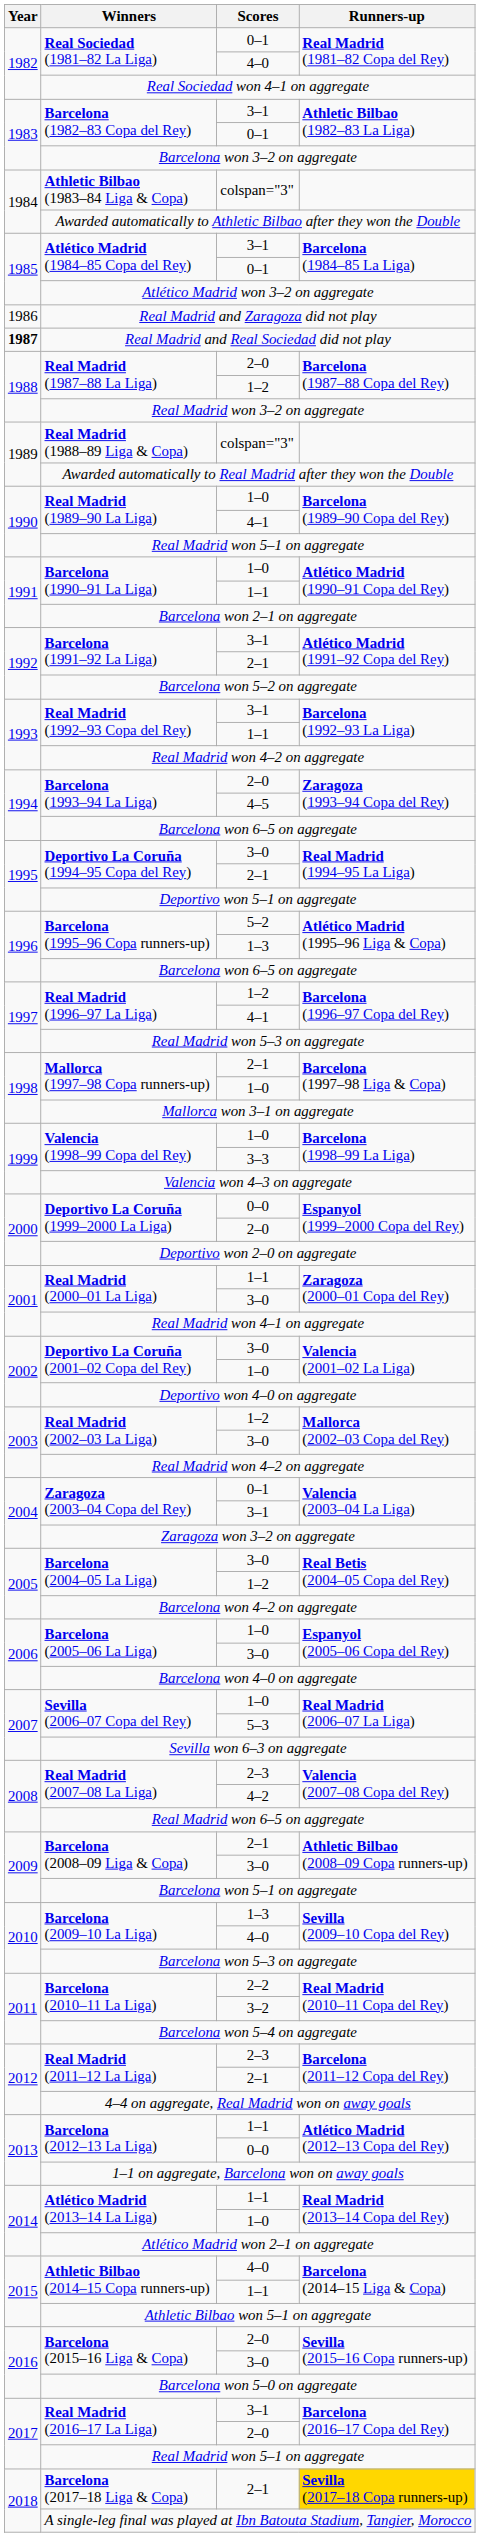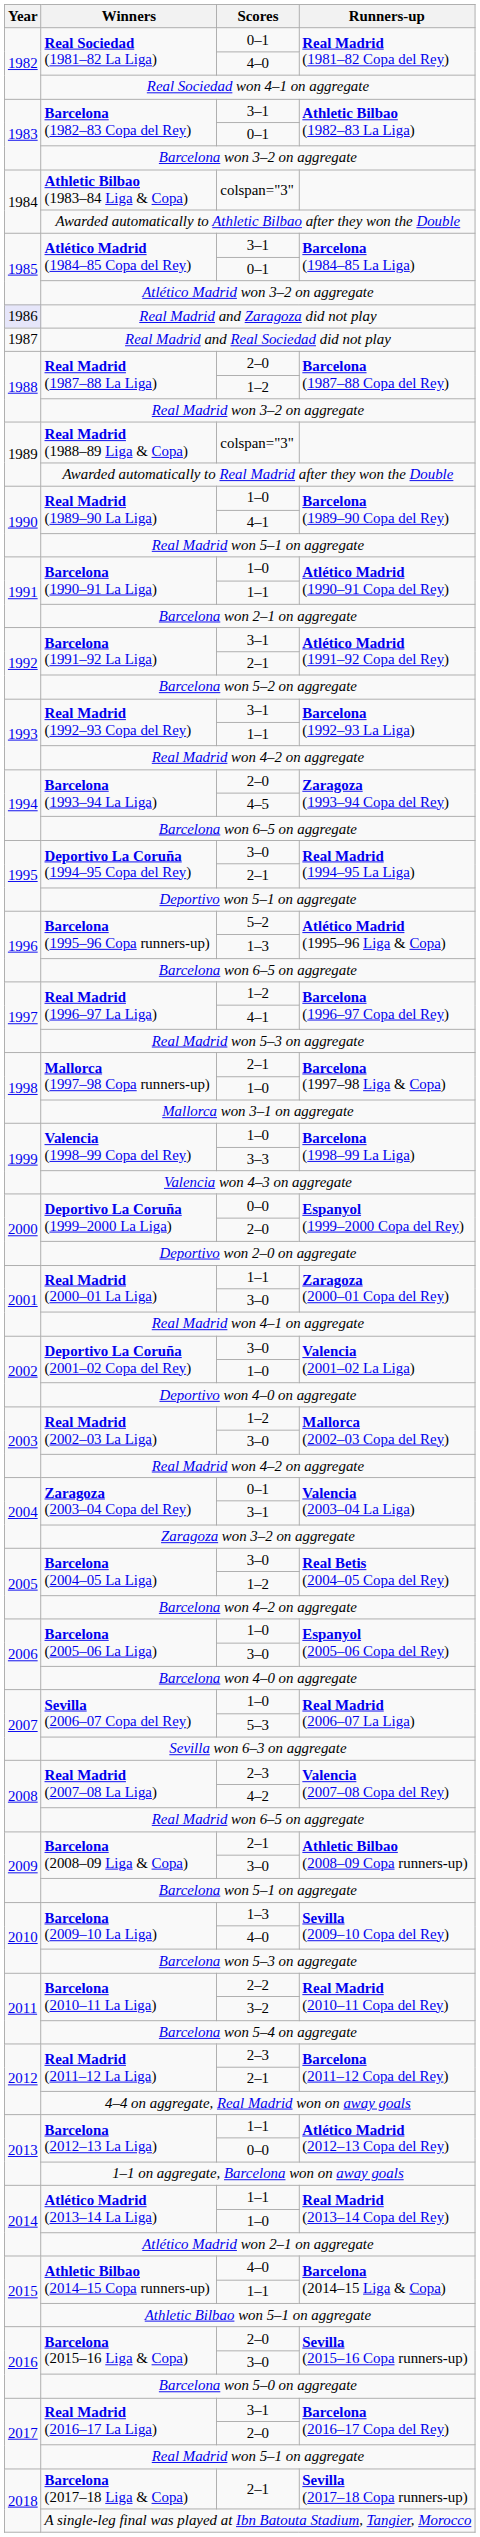 <table class="wikitable">
 <tr>
 <th>Year</th>
 <th>Winners</th>
 <th>Scores</th>
 <th>Runners-up</th>
 </tr>
 <tr>
 <td rowspan="3"><a href='#'>1982</a></td>
 <td rowspan="2"><strong><a href='#'>Real Sociedad</a></strong><br>(<a href='#'>1981–82 La Liga</a>)</td>
 <td align="center">0–1</td>
 <td rowspan="2"><strong><a href='#'>Real Madrid</a></strong><br>(<a href='#'>1981–82 Copa del Rey</a>)</td>
 </tr>
 <tr>
 <td align="center">4–0</td>
 </tr>
 <tr>
 <td colspan="3" align="center"><em><a href='#'>Real Sociedad</a></em> <em>won 4–1 on aggregate</em></td>
 </tr>
 <tr>
 <td rowspan="3"><a href='#'>1983</a></td>
 <td rowspan="2"><strong><a href='#'>Barcelona</a></strong><br>(<a href='#'>1982–83 Copa del Rey</a>)</td>
 <td align="center">3–1</td>
 <td rowspan="2"><strong><a href='#'>Athletic Bilbao</a></strong><br>(<a href='#'>1982–83 La Liga</a>)</td>
 </tr>
 <tr>
 <td align="center">0–1</td>
 </tr>
 <tr>
 <td colspan="3" align="center"><em><a href='#'>Barcelona</a> won 3–2 on aggregate</em></td>
 </tr>
 <tr>
 <td rowspan="2">1984</td>
 <td><strong><a href='#'>Athletic Bilbao</a></strong><br>(1983–84 <a href='#'>Liga</a> & <a href='#'>Copa</a>)</td>
 <td>colspan="3" </td>
 </tr>
 <tr>
 <td colspan="3" align="center"><em>Awarded automatically to <a href='#'>Athletic Bilbao</a> after they won the <a href='#'>Double</a></em></td>
 </tr>
 <tr>
 <td rowspan="3"><a href='#'>1985</a></td>
 <td rowspan="2"><strong><a href='#'>Atlético Madrid</a></strong><br>(<a href='#'>1984–85 Copa del Rey</a>)</td>
 <td align="center">3–1</td>
 <td rowspan="2"><strong><a href='#'>Barcelona</a></strong><br>(<a href='#'>1984–85 La Liga</a>)</td>
 </tr>
 <tr>
 <td align="center">0–1</td>
 </tr>
 <tr>
 <td colspan="3" align="center"><em><a href='#'>Atlético Madrid</a></em> <em>won 3–2 on aggregate</em></td>
 </tr>
 <tr>
-<td>1986</td>
+<td style="background: lavender;">1986</td>
 <td colspan="3" align="center"><em><a href='#'>Real Madrid</a> and <a href='#'>Zaragoza</a> did not play</em></td>
 </tr>
 <tr>
-<td><strong>1987</strong></td>
+<td>1987</td>
 <td colspan="3" align="center"><em><a href='#'>Real Madrid</a> and <a href='#'>Real Sociedad</a> did not play</em></td>
 </tr>
 <tr>
 <td rowspan="3"><a href='#'>1988</a></td>
 <td rowspan="2"><strong><a href='#'>Real Madrid</a></strong><br>(<a href='#'>1987–88 La Liga</a>)</td>
 <td align="center">2–0</td>
 <td rowspan="2"><strong><a href='#'>Barcelona</a></strong><br>(<a href='#'>1987–88 Copa del Rey</a>)</td>
 </tr>
 <tr>
 <td align="center">1–2</td>
 </tr>
 <tr>
 <td colspan="3" align="center"><em><a href='#'>Real Madrid</a> won 3–2 on aggregate</em></td>
 </tr>
 <tr>
 <td rowspan="2">1989</td>
 <td><strong><a href='#'>Real Madrid</a></strong><br>(1988–89 <a href='#'>Liga</a> & <a href='#'>Copa</a>)</td>
 <td>colspan="3" </td>
 </tr>
 <tr>
 <td colspan="3" align="center"><em>Awarded automatically to <a href='#'>Real Madrid</a> after they won the <a href='#'>Double</a></em></td>
 </tr>
 <tr>
 <td rowspan="3"><a href='#'>1990</a></td>
 <td rowspan="2"><strong><a href='#'>Real Madrid</a></strong><br>(<a href='#'>1989–90 La Liga</a>)</td>
 <td align="center">1–0</td>
 <td rowspan="2"><strong><a href='#'>Barcelona</a></strong><br>(<a href='#'>1989–90 Copa del Rey</a>)</td>
 </tr>
 <tr>
 <td align="center">4–1</td>
 </tr>
 <tr>
 <td colspan="3" align="center"><em><a href='#'>Real Madrid</a> won 5–1 on aggregate</em></td>
 </tr>
 <tr>
 <td rowspan="3"><a href='#'>1991</a></td>
 <td rowspan="2"><strong><a href='#'>Barcelona</a></strong><br>(<a href='#'>1990–91 La Liga</a>)</td>
 <td align="center">1–0</td>
 <td rowspan="2"><strong><a href='#'>Atlético Madrid</a></strong><br>(<a href='#'>1990–91 Copa del Rey</a>)</td>
 </tr>
 <tr>
 <td align="center">1–1</td>
 </tr>
 <tr>
 <td colspan="3" align="center"><em><a href='#'>Barcelona</a> won 2–1 on aggregate</em></td>
 </tr>
 <tr>
 <td rowspan="3"><a href='#'>1992</a></td>
 <td rowspan="2"><strong><a href='#'>Barcelona</a></strong><br>(<a href='#'>1991–92 La Liga</a>)</td>
 <td align="center">3–1</td>
 <td rowspan="2"><strong><a href='#'>Atlético Madrid</a></strong><br>(<a href='#'>1991–92 Copa del Rey</a>)</td>
 </tr>
 <tr>
 <td align="center">2–1</td>
 </tr>
 <tr>
 <td colspan="3" align="center"><em><a href='#'>Barcelona</a> won 5–2 on aggregate</em></td>
 </tr>
 <tr>
 <td rowspan="3"><a href='#'>1993</a></td>
 <td rowspan="2"><strong><a href='#'>Real Madrid</a></strong><br>(<a href='#'>1992–93 Copa del Rey</a>)</td>
 <td align="center">3–1</td>
 <td rowspan="2"><strong><a href='#'>Barcelona</a></strong><br>(<a href='#'>1992–93 La Liga</a>)</td>
 </tr>
 <tr>
 <td align="center">1–1</td>
 </tr>
 <tr>
 <td colspan="3" align="center"><em><a href='#'>Real Madrid</a> won 4–2 on aggregate</em></td>
 </tr>
 <tr>
 <td rowspan="3"><a href='#'>1994</a></td>
 <td rowspan="2"><strong><a href='#'>Barcelona</a></strong><br>(<a href='#'>1993–94 La Liga</a>)</td>
 <td align="center">2–0</td>
 <td rowspan="2"><strong><a href='#'>Zaragoza</a></strong><br>(<a href='#'>1993–94 Copa del Rey</a>)</td>
 </tr>
 <tr>
 <td align="center">4–5</td>
 </tr>
 <tr>
 <td colspan="3" align="center"><em><a href='#'>Barcelona</a> won 6–5 on aggregate</em></td>
 </tr>
 <tr>
 <td rowspan="3"><a href='#'>1995</a></td>
 <td rowspan="2"><strong><a href='#'>Deportivo La Coruña</a></strong><br>(<a href='#'>1994–95 Copa del Rey</a>)</td>
 <td align="center">3–0</td>
 <td rowspan="2"><strong><a href='#'>Real Madrid</a></strong><br>(<a href='#'>1994–95 La Liga</a>)</td>
 </tr>
 <tr>
 <td align="center">2–1</td>
 </tr>
 <tr>
 <td colspan="3" align="center"><em><a href='#'>Deportivo</a> won 5–1 on aggregate</em></td>
 </tr>
 <tr>
 <td rowspan="3"><a href='#'>1996</a></td>
 <td rowspan="2"><strong><a href='#'>Barcelona</a></strong><br>(<a href='#'>1995–96 Copa</a> runners-up)</td>
 <td align="center">5–2</td>
 <td rowspan="2"><strong><a href='#'>Atlético Madrid</a></strong><br>(1995–96 <a href='#'>Liga</a> & <a href='#'>Copa</a>)</td>
 </tr>
 <tr>
 <td align="center">1–3</td>
 </tr>
 <tr>
 <td colspan="3" align="center"><em><a href='#'>Barcelona</a> won 6–5 on aggregate</em></td>
 </tr>
 <tr>
 <td rowspan="3"><a href='#'>1997</a></td>
 <td rowspan="2"><strong><a href='#'>Real Madrid</a></strong><br>(<a href='#'>1996–97 La Liga</a>)</td>
 <td align="center">1–2</td>
 <td rowspan="2"><strong><a href='#'>Barcelona</a></strong><br>(<a href='#'>1996–97 Copa del Rey</a>)</td>
 </tr>
 <tr>
 <td align="center">4–1</td>
 </tr>
 <tr>
 <td colspan="3" align="center"><em><a href='#'>Real Madrid</a> won 5–3 on aggregate</em></td>
 </tr>
 <tr>
 <td rowspan="3"><a href='#'>1998</a></td>
 <td rowspan="2"><strong><a href='#'>Mallorca</a></strong><br>(<a href='#'>1997–98 Copa</a> runners-up)</td>
 <td align="center">2–1</td>
 <td rowspan="2"><strong><a href='#'>Barcelona</a></strong><br>(1997–98 <a href='#'>Liga</a> & <a href='#'>Copa</a>)</td>
 </tr>
 <tr>
 <td align="center">1–0</td>
 </tr>
 <tr>
 <td colspan="3" align="center"><em><a href='#'>Mallorca</a> won 3–1 on aggregate</em></td>
 </tr>
 <tr>
 <td rowspan="3"><a href='#'>1999</a></td>
 <td rowspan="2"><strong><a href='#'>Valencia</a></strong><br>(<a href='#'>1998–99 Copa del Rey</a>)</td>
 <td align="center">1–0</td>
 <td rowspan="2"><strong><a href='#'>Barcelona</a></strong><br>(<a href='#'>1998–99 La Liga</a>)</td>
 </tr>
 <tr>
 <td align="center">3–3</td>
 </tr>
 <tr>
 <td colspan="3" align="center"><em><a href='#'>Valencia</a> won 4–3 on aggregate</em></td>
 </tr>
 <tr>
 <td rowspan="3"><a href='#'>2000</a></td>
 <td rowspan="2"><strong><a href='#'>Deportivo La Coruña</a></strong><br>(<a href='#'>1999–2000 La Liga</a>)</td>
 <td align="center">0–0</td>
 <td rowspan="2"><strong><a href='#'>Espanyol</a></strong><br>(<a href='#'>1999–2000 Copa del Rey</a>)</td>
 </tr>
 <tr>
 <td align="center">2–0</td>
 </tr>
 <tr>
 <td colspan="3" align="center"><em><a href='#'>Deportivo</a> won 2–0 on aggregate</em></td>
 </tr>
 <tr>
 <td rowspan="3"><a href='#'>2001</a></td>
 <td rowspan="2"><strong><a href='#'>Real Madrid</a></strong><br>(<a href='#'>2000–01 La Liga</a>)</td>
 <td align="center">1–1</td>
 <td rowspan="2"><strong><a href='#'>Zaragoza</a></strong><br>(<a href='#'>2000–01 Copa del Rey</a>)</td>
 </tr>
 <tr>
 <td align="center">3–0</td>
 </tr>
 <tr>
 <td colspan="3" align="center"><em><a href='#'>Real Madrid</a> won 4–1 on aggregate</em></td>
 </tr>
 <tr>
 <td rowspan="3"><a href='#'>2002</a></td>
 <td rowspan="2"><strong><a href='#'>Deportivo La Coruña</a></strong><br>(<a href='#'>2001–02 Copa del Rey</a>)</td>
 <td align="center">3–0</td>
 <td rowspan="2"><strong><a href='#'>Valencia</a></strong><br>(<a href='#'>2001–02 La Liga</a>)</td>
 </tr>
 <tr>
 <td align="center">1–0</td>
 </tr>
 <tr>
 <td colspan="3" align="center"><em><a href='#'>Deportivo</a> won 4–0 on aggregate</em></td>
 </tr>
 <tr>
 <td rowspan="3"><a href='#'>2003</a></td>
 <td rowspan="2"><strong><a href='#'>Real Madrid</a></strong><br>(<a href='#'>2002–03 La Liga</a>)</td>
 <td align="center">1–2</td>
 <td rowspan="2"><strong><a href='#'>Mallorca</a></strong><br>(<a href='#'>2002–03 Copa del Rey</a>)</td>
 </tr>
 <tr>
 <td align="center">3–0</td>
 </tr>
 <tr>
 <td colspan="3" align="center"><em><a href='#'>Real Madrid</a> won 4–2 on aggregate</em></td>
 </tr>
 <tr>
 <td rowspan="3"><a href='#'>2004</a></td>
 <td rowspan="2"><strong><a href='#'>Zaragoza</a></strong><br>(<a href='#'>2003–04 Copa del Rey</a>)</td>
 <td align="center">0–1</td>
 <td rowspan="2"><strong><a href='#'>Valencia</a></strong><br>(<a href='#'>2003–04 La Liga</a>)</td>
 </tr>
 <tr>
 <td align="center">3–1</td>
 </tr>
 <tr>
 <td colspan="3" align="center"><em><a href='#'>Zaragoza</a> won 3–2 on aggregate</em></td>
 </tr>
 <tr>
 <td rowspan="3"><a href='#'>2005</a></td>
 <td rowspan="2"><strong><a href='#'>Barcelona</a></strong><br>(<a href='#'>2004–05 La Liga</a>)</td>
 <td align="center">3–0</td>
 <td rowspan="2"><strong><a href='#'>Real Betis</a></strong><br>(<a href='#'>2004–05 Copa del Rey</a>)</td>
 </tr>
 <tr>
 <td align="center">1–2</td>
 </tr>
 <tr>
 <td colspan="3" align="center"><em><a href='#'>Barcelona</a> won 4–2 on aggregate</em></td>
 </tr>
 <tr>
 <td rowspan="3"><a href='#'>2006</a></td>
 <td rowspan="2"><strong><a href='#'>Barcelona</a></strong><br>(<a href='#'>2005–06 La Liga</a>)</td>
 <td align="center">1–0</td>
 <td rowspan="2"><strong><a href='#'>Espanyol</a></strong><br>(<a href='#'>2005–06 Copa del Rey</a>)</td>
 </tr>
 <tr>
 <td align="center">3–0</td>
 </tr>
 <tr>
 <td colspan="3" align="center"><em><a href='#'>Barcelona</a> won 4–0 on aggregate</em></td>
 </tr>
 <tr>
 <td rowspan="3"><a href='#'>2007</a></td>
 <td rowspan="2"><strong><a href='#'>Sevilla</a></strong><br>(<a href='#'>2006–07 Copa del Rey</a>)</td>
 <td align="center">1–0</td>
 <td rowspan="2"><strong><a href='#'>Real Madrid</a></strong><br>(<a href='#'>2006–07 La Liga</a>)</td>
 </tr>
 <tr>
 <td align="center">5–3</td>
 </tr>
 <tr>
 <td colspan="3" align="center"><em><a href='#'>Sevilla</a> won 6–3 on aggregate</em></td>
 </tr>
 <tr>
 <td rowspan="3"><a href='#'>2008</a></td>
 <td rowspan="2"><strong><a href='#'>Real Madrid</a></strong><br>(<a href='#'>2007–08 La Liga</a>)</td>
 <td align="center">2–3</td>
 <td rowspan="2"><strong><a href='#'>Valencia</a></strong><br>(<a href='#'>2007–08 Copa del Rey</a>)</td>
 </tr>
 <tr>
 <td align="center">4–2</td>
 </tr>
 <tr>
 <td colspan="3" align="center"><em><a href='#'>Real Madrid</a> won 6–5 on aggregate</em></td>
 </tr>
 <tr>
 <td rowspan="3"><a href='#'>2009</a></td>
 <td rowspan="2"><strong><a href='#'>Barcelona</a></strong><br>(2008–09 <a href='#'>Liga</a> & <a href='#'>Copa</a>)</td>
 <td align="center">2–1</td>
 <td rowspan="2"><strong><a href='#'>Athletic Bilbao</a></strong><br>(<a href='#'>2008–09 Copa</a> runners-up)</td>
 </tr>
 <tr>
 <td align="center">3–0</td>
 </tr>
 <tr>
 <td colspan="3" align="center"><em><a href='#'>Barcelona</a> won 5–1 on aggregate</em></td>
 </tr>
 <tr>
 <td rowspan="3"><a href='#'>2010</a></td>
 <td rowspan="2"><strong><a href='#'>Barcelona</a></strong><br>(<a href='#'>2009–10 La Liga</a>)</td>
 <td align="center">1–3</td>
 <td rowspan="2"><strong><a href='#'>Sevilla</a></strong><br>(<a href='#'>2009–10 Copa del Rey</a>)</td>
 </tr>
 <tr>
 <td align="center">4–0</td>
 </tr>
 <tr>
 <td colspan="3" align="center"><em><a href='#'>Barcelona</a> won 5–3 on aggregate</em></td>
 </tr>
 <tr>
 <td rowspan="3"><a href='#'>2011</a></td>
 <td rowspan="2"><strong><a href='#'>Barcelona</a></strong><br>(<a href='#'>2010–11 La Liga</a>)</td>
 <td align="center">2–2</td>
 <td rowspan="2"><strong><a href='#'>Real Madrid</a></strong><br>(<a href='#'>2010–11 Copa del Rey</a>)</td>
 </tr>
 <tr>
 <td align="center">3–2</td>
 </tr>
 <tr>
 <td colspan="3" align="center"><em><a href='#'>Barcelona</a> won 5–4 on aggregate</em></td>
 </tr>
 <tr>
 <td rowspan="3"><a href='#'>2012</a></td>
 <td rowspan="2"><strong><a href='#'>Real Madrid</a></strong><br>(<a href='#'>2011–12 La Liga</a>)</td>
 <td align="center">2–3</td>
 <td rowspan="2"><strong><a href='#'>Barcelona</a></strong><br>(<a href='#'>2011–12 Copa del Rey</a>)</td>
 </tr>
 <tr>
 <td align="center">2–1</td>
 </tr>
 <tr>
 <td colspan="3" align="center"><em>4–4 on aggregate, <a href='#'>Real Madrid</a> won on <a href='#'>away goals</a></em></td>
 </tr>
 <tr>
 <td rowspan="3"><a href='#'>2013</a></td>
 <td rowspan="2"><strong><a href='#'>Barcelona</a></strong><br>(<a href='#'>2012–13 La Liga</a>)</td>
 <td align="center">1–1</td>
 <td rowspan="2"><strong><a href='#'>Atlético Madrid</a></strong><br>(<a href='#'>2012–13 Copa del Rey</a>)</td>
 </tr>
 <tr>
 <td align="center">0–0</td>
 </tr>
 <tr>
 <td colspan="3" align="center"><em>1–1 on aggregate, <a href='#'>Barcelona</a> won on <a href='#'>away goals</a></em></td>
 </tr>
 <tr>
 <td rowspan="3"><a href='#'>2014</a></td>
 <td rowspan="2"><strong><a href='#'>Atlético Madrid</a></strong><br>(<a href='#'>2013–14 La Liga</a>)</td>
 <td align="center">1–1</td>
 <td rowspan="2"><strong><a href='#'>Real Madrid</a></strong><br>(<a href='#'>2013–14 Copa del Rey</a>)</td>
 </tr>
 <tr>
 <td align="center">1–0</td>
 </tr>
 <tr>
 <td colspan="3" align="center"><em><a href='#'>Atlético Madrid</a></em> <em>won 2–1 on aggregate</em></td>
 </tr>
 <tr>
 <td rowspan="3"><a href='#'>2015</a></td>
 <td rowspan="2"><strong><a href='#'>Athletic Bilbao</a></strong><br>(<a href='#'>2014–15 Copa</a> runners-up)</td>
 <td align="center">4–0</td>
 <td rowspan="2"><strong><a href='#'>Barcelona</a></strong><br>(2014–15 <a href='#'>Liga</a> & <a href='#'>Copa</a>)</td>
 </tr>
 <tr>
 <td align="center">1–1</td>
 </tr>
 <tr>
 <td colspan="3" align="center"><em><a href='#'>Athletic Bilbao</a> won 5–1 on aggregate</em></td>
 </tr>
 <tr>
 <td rowspan="3"><a href='#'>2016</a></td>
 <td rowspan="2"><strong><a href='#'>Barcelona</a></strong><br>(2015–16 <a href='#'>Liga</a> & <a href='#'>Copa</a>)</td>
 <td align="center">2–0</td>
 <td rowspan="2"><strong><a href='#'>Sevilla</a></strong><br>(<a href='#'>2015–16 Copa</a> runners-up)</td>
 </tr>
 <tr>
 <td align="center">3–0</td>
 </tr>
 <tr>
 <td colspan="3" align="center"><em><a href='#'>Barcelona</a> won 5–0 on aggregate</em></td>
 </tr>
 <tr>
 <td rowspan="3"><a href='#'>2017</a></td>
 <td rowspan="2"><strong><a href='#'>Real Madrid</a></strong><br>(<a href='#'>2016–17 La Liga</a>)</td>
 <td align="center">3–1</td>
 <td rowspan="2"><strong><a href='#'>Barcelona</a></strong><br>(<a href='#'>2016–17 Copa del Rey</a>)</td>
 </tr>
 <tr>
 <td align="center">2–0</td>
 </tr>
 <tr>
 <td colspan="3" align="center"><em><a href='#'>Real Madrid</a> won 5–1 on aggregate</em></td>
 </tr>
 <tr>
 <td rowspan="2"><a href='#'>2018</a></td>
 <td><strong><a href='#'>Barcelona</a></strong><br>(2017–18 <a href='#'>Liga</a> & <a href='#'>Copa</a>)</td>
 <td align="center">2–1</td>
-<td style="background: gold;"><a href='#'><strong>Sevilla</strong></a><br>(<a href='#'>2017–18 Copa</a> runners-up)</td>
+<td><a href='#'><strong>Sevilla</strong></a><br>(<a href='#'>2017–18 Copa</a> runners-up)</td>
 </tr>
 <tr>
 <td colspan="3" align="center"><em>A single-leg final was played at <a href='#'>Ibn Batouta Stadium</a>, <a href='#'>Tangier</a>, <a href='#'>Morocco</a></em></td>
 </tr>
 </table>
